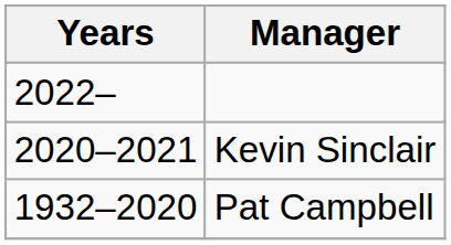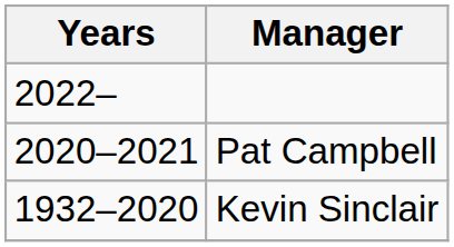 <table class="wikitable">
 <tr>
 <th>Years</th>
 <th>Manager</th>
 </tr>
 <tr>
 <td> 2022–</td>
 <td></td>
 </tr>
 <tr>
 <td> 2020–2021</td>
-<td>Kevin Sinclair</td>
+<td>Pat Campbell</td>
 </tr>
 <tr>
 <td>1932–2020</td>
-<td>Pat Campbell</td>
+<td>Kevin Sinclair</td>
 </tr>
 <tr>
 </tr>
 </table>
